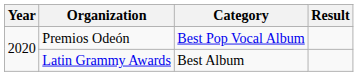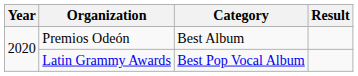 <table class="wikitable">
 <tr>
 <th>Year</th>
 <th>Organization</th>
 <th>Category</th>
 <th>Result</th>
 </tr>
 <tr>
 <td rowspan="2">2020</td>
 <td>Premios Odeón</td>
-<td><a href='#'>Best Pop Vocal Album</a></td>
+<td>Best Album</td>
 <td></td>
 </tr>
 <tr>
 <td><a href='#'>Latin Grammy Awards</a></td>
-<td>Best Album</td>
+<td><a href='#'>Best Pop Vocal Album</a></td>
 <td></td>
 </tr>
 </table>
